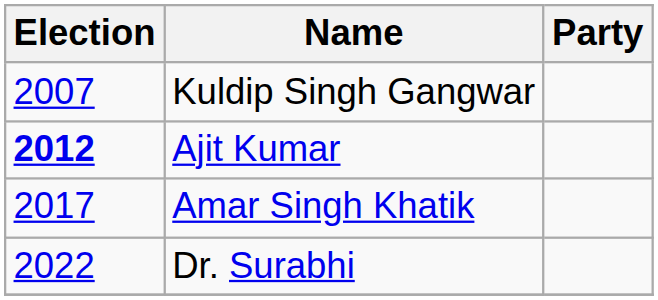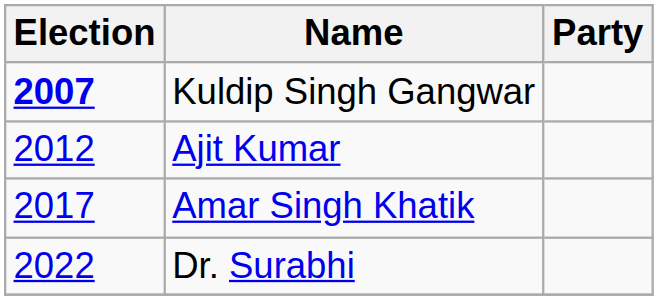 <table class="wikitable sortable">
 <tr>
 <th>Election</th>
 <th>Name</th>
 <th colspan=2>Party</th>
 </tr>
 <tr>
-<td><a href='#'>2007</a></td>
+<td><strong><a href='#'>2007</a></strong></td>
 <td>Kuldip Singh Gangwar</td>
 <td></td>
 </tr>
 <tr>
-<td><strong><a href='#'>2012</a></strong></td>
+<td><a href='#'>2012</a></td>
 <td><a href='#'>Ajit Kumar</a></td>
 <td></td>
 </tr>
 <tr>
 <td><a href='#'>2017</a></td>
 <td><a href='#'>Amar Singh Khatik</a></td>
 <td></td>
 </tr>
 <tr>
 <td><a href='#'>2022</a></td>
 <td>Dr. <a href='#'>Surabhi</a></td>
 <td></td>
 </tr>
 <tr>
 </tr>
 </table>
